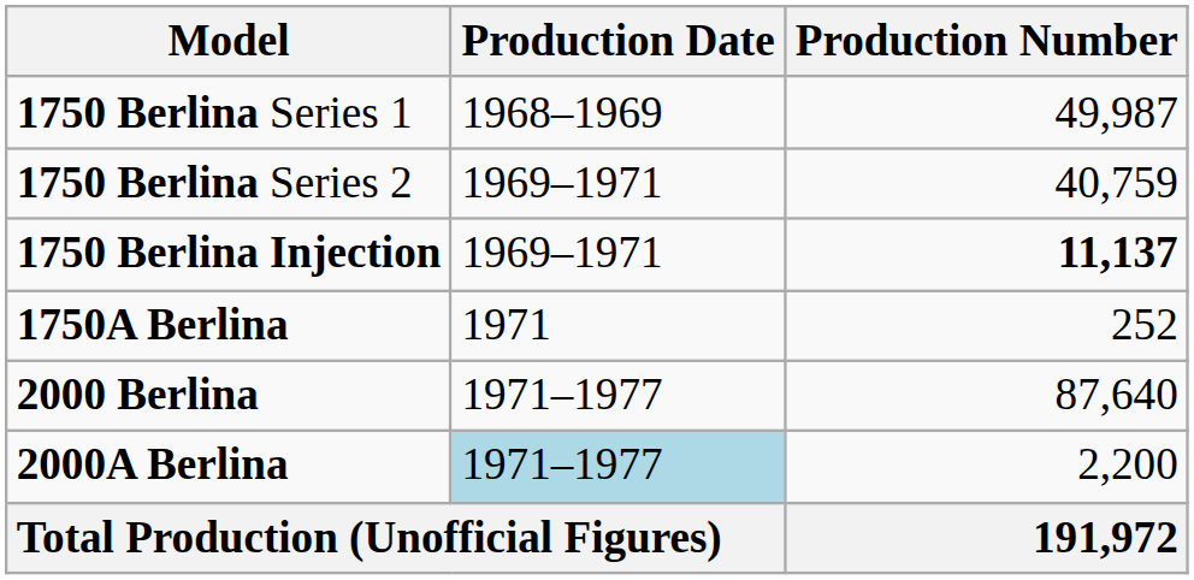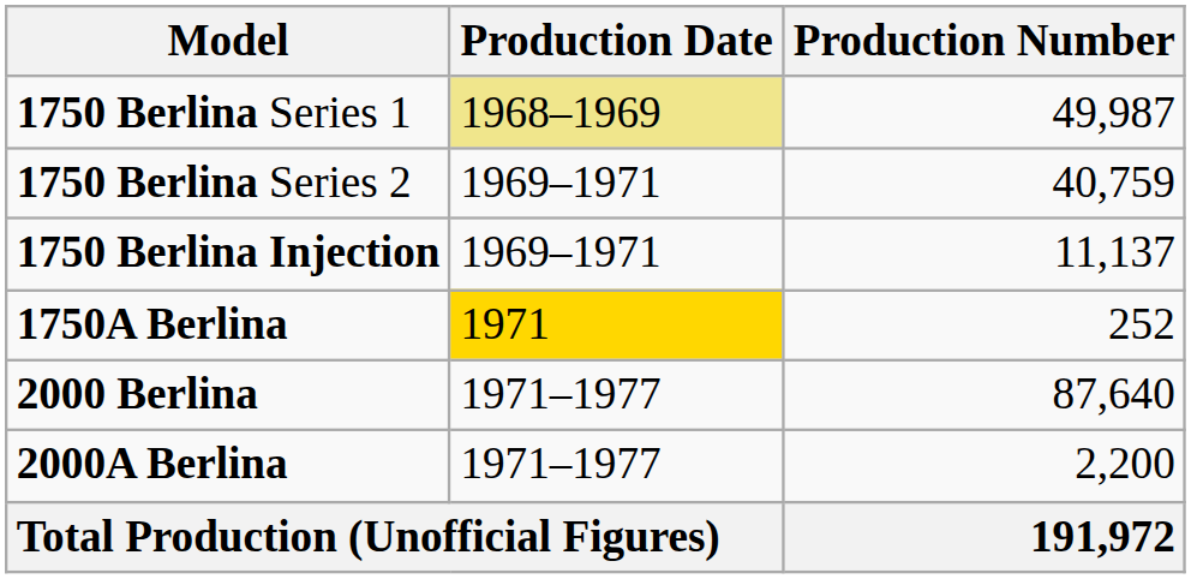 <table class="wikitable">
 <tr>
 <th>Model</th>
 <th>Production Date</th>
 <th>Production Number</th>
 </tr>
 <tr>
 <td><strong>1750 Berlina</strong> Series 1</td>
-<td>1968–1969</td>
+<td style="background: khaki;">1968–1969</td>
 <td align="right">49,987</td>
 </tr>
 <tr>
 <td><strong>1750 Berlina</strong> Series 2</td>
 <td>1969–1971</td>
 <td align="right">40,759</td>
 </tr>
 <tr>
 <td><strong>1750 Berlina Injection</strong></td>
 <td>1969–1971</td>
-<td align="right"><strong>11,137</strong></td>
+<td align="right">11,137</td>
 </tr>
 <tr>
 <td><strong>1750A Berlina</strong></td>
-<td>1971</td>
+<td style="background: gold;">1971</td>
 <td align="right">252</td>
 </tr>
 <tr>
 <td><strong>2000 Berlina</strong></td>
 <td>1971–1977</td>
 <td align="right">87,640</td>
 </tr>
 <tr>
 <td><strong>2000A Berlina</strong></td>
-<td style="background: lightblue;">1971–1977</td>
+<td>1971–1977</td>
 <td align="right">2,200</td>
 </tr>
 <tr>
 <th colspan="2" style="text-align:left">Total Production (Unofficial Figures)</th>
 <th style="text-align:right">191,972</th>
 </tr>
 </table>
